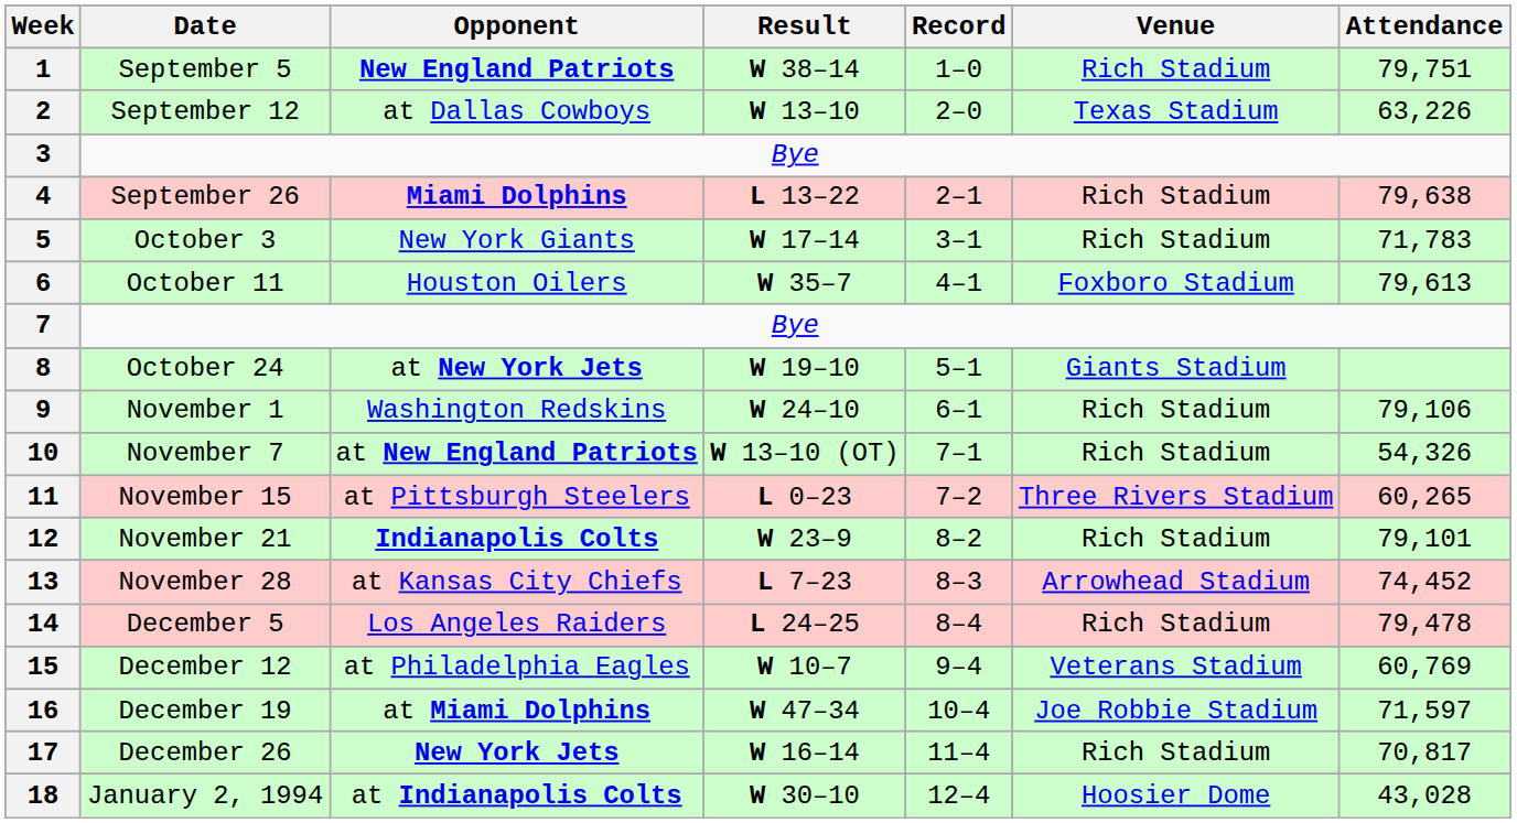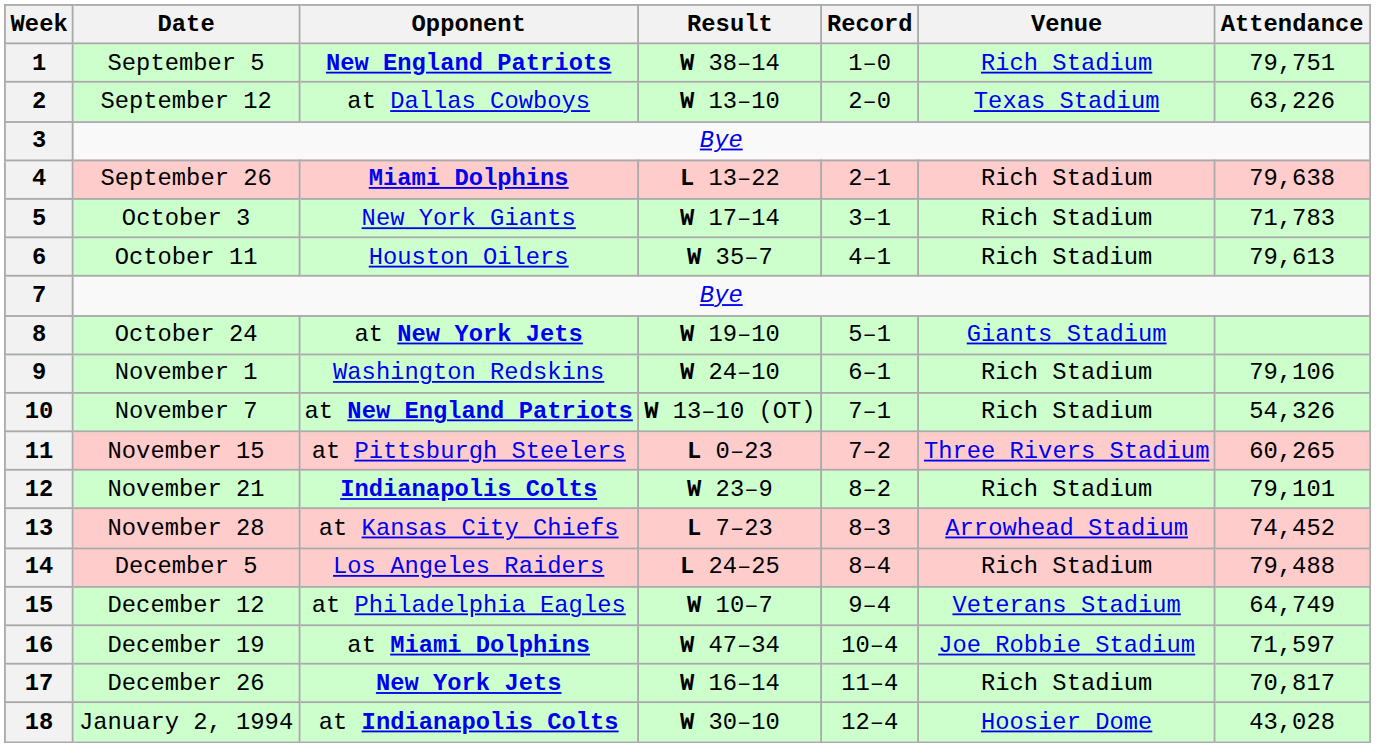 <table class="wikitable" style="text-align:center">
 <tr>
 <th>Week</th>
 <th>Date</th>
 <th>Opponent</th>
 <th>Result</th>
 <th>Record</th>
 <th>Venue</th>
 <th>Attendance</th>
 </tr>
 <tr style="background:#cfc">
 <th>1</th>
 <td>September 5</td>
 <td><strong><a href='#'>New England Patriots</a></strong></td>
 <td><strong>W</strong> 38–14</td>
 <td>1–0</td>
 <td><a href='#'>Rich Stadium</a></td>
 <td>79,751</td>
 </tr>
 <tr style="background:#cfc">
 <th>2</th>
 <td>September 12</td>
 <td>at <a href='#'>Dallas Cowboys</a></td>
 <td><strong>W</strong> 13–10</td>
 <td>2–0</td>
 <td><a href='#'>Texas Stadium</a></td>
 <td>63,226</td>
 </tr>
 <tr>
 <th>3</th>
 <td colspan=6 align="center"><em><a href='#'>Bye</a></em></td>
 </tr>
 <tr style="background:#fcc">
 <th>4</th>
 <td>September 26</td>
 <td><strong><a href='#'>Miami Dolphins</a></strong></td>
 <td><strong>L</strong> 13–22</td>
 <td>2–1</td>
 <td>Rich Stadium</td>
 <td>79,638</td>
 </tr>
 <tr style="background:#cfc">
 <th>5</th>
 <td>October 3</td>
 <td><a href='#'>New York Giants</a></td>
 <td><strong>W</strong> 17–14</td>
 <td>3–1</td>
 <td>Rich Stadium</td>
 <td>71,783</td>
 </tr>
 <tr style="background:#cfc">
 <th>6</th>
 <td>October 11</td>
 <td><a href='#'>Houston Oilers</a></td>
 <td><strong>W</strong> 35–7</td>
 <td>4–1</td>
-<td><a href='#'>Foxboro Stadium</a></td>
+<td>Rich Stadium</td>
 <td>79,613</td>
 </tr>
 <tr>
 <th>7</th>
 <td colspan=6 align="center"><em><a href='#'>Bye</a></em></td>
 </tr>
 <tr style="background:#cfc">
 <th>8</th>
 <td>October 24</td>
 <td>at <strong><a href='#'>New York Jets</a></strong></td>
 <td><strong>W</strong> 19–10</td>
 <td>5–1</td>
 <td><a href='#'>Giants Stadium</a></td>
 <td></td>
 </tr>
 <tr style="background:#cfc">
 <th>9</th>
 <td>November 1</td>
 <td><a href='#'>Washington Redskins</a></td>
 <td><strong>W</strong> 24–10</td>
 <td>6–1</td>
 <td>Rich Stadium</td>
 <td>79,106</td>
 </tr>
 <tr style="background:#cfc">
 <th>10</th>
 <td>November 7</td>
 <td>at <strong><a href='#'>New England Patriots</a></strong></td>
 <td><strong>W</strong> 13–10 (OT)</td>
 <td>7–1</td>
 <td>Rich Stadium</td>
 <td>54,326</td>
 </tr>
 <tr style="background:#fcc">
 <th>11</th>
 <td>November 15</td>
 <td>at <a href='#'>Pittsburgh Steelers</a></td>
 <td><strong>L</strong> 0–23</td>
 <td>7–2</td>
 <td><a href='#'>Three Rivers Stadium</a></td>
 <td>60,265</td>
 </tr>
 <tr style="background:#cfc">
 <th>12</th>
 <td>November 21</td>
 <td><strong><a href='#'>Indianapolis Colts</a></strong></td>
 <td><strong>W</strong> 23–9</td>
 <td>8–2</td>
 <td>Rich Stadium</td>
 <td>79,101</td>
 </tr>
 <tr style="background:#fcc">
 <th>13</th>
 <td>November 28</td>
 <td>at <a href='#'>Kansas City Chiefs</a></td>
 <td><strong>L</strong> 7–23</td>
 <td>8–3</td>
 <td><a href='#'>Arrowhead Stadium</a></td>
 <td>74,452</td>
 </tr>
 <tr style="background:#fcc">
 <th>14</th>
 <td>December 5</td>
 <td><a href='#'>Los Angeles Raiders</a></td>
 <td><strong>L</strong> 24–25</td>
 <td>8–4</td>
 <td>Rich Stadium</td>
-<td>79,478</td>
+<td>79,488</td>
 </tr>
 <tr style="background:#cfc">
 <th>15</th>
 <td>December 12</td>
 <td>at <a href='#'>Philadelphia Eagles</a></td>
 <td><strong>W</strong> 10–7</td>
 <td>9–4</td>
 <td><a href='#'>Veterans Stadium</a></td>
-<td>60,769</td>
+<td>64,749</td>
 </tr>
 <tr style="background:#cfc">
 <th>16</th>
 <td>December 19</td>
 <td>at <strong><a href='#'>Miami Dolphins</a></strong></td>
 <td><strong>W</strong> 47–34</td>
 <td>10–4</td>
 <td><a href='#'>Joe Robbie Stadium</a></td>
 <td>71,597</td>
 </tr>
 <tr style="background:#cfc">
 <th>17</th>
 <td>December 26</td>
 <td><strong><a href='#'>New York Jets</a></strong></td>
 <td><strong>W</strong> 16–14</td>
 <td>11–4</td>
 <td>Rich Stadium</td>
 <td>70,817</td>
 </tr>
 <tr style="background:#cfc">
 <th>18</th>
 <td>January 2, 1994</td>
 <td>at <strong><a href='#'>Indianapolis Colts</a></strong></td>
 <td><strong>W</strong> 30–10</td>
 <td>12–4</td>
 <td><a href='#'>Hoosier Dome</a></td>
 <td>43,028</td>
 </tr>
 </table>
